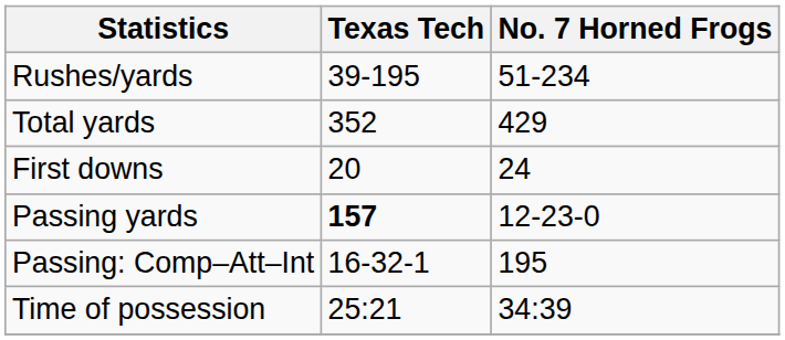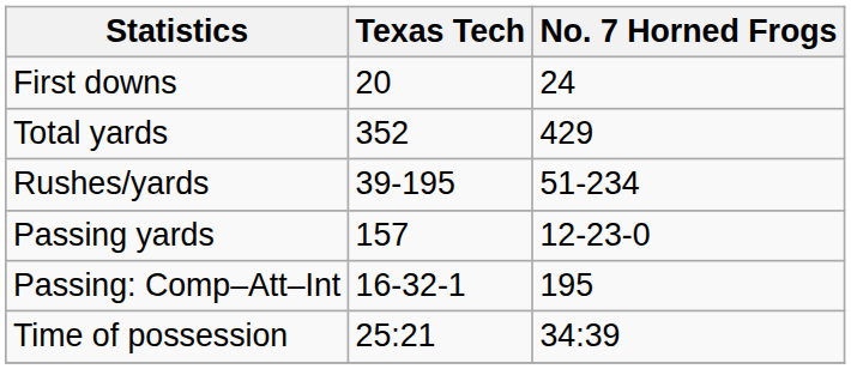 <table class="wikitable" style="float: left;">
 <tr>
 <th>Statistics</th>
 <th>Texas Tech</th>
 <th>No. 7 Horned Frogs</th>
 </tr>
 <tr>
-<td>Rushes/yards</td>
-<td>39-195</td>
-<td>51-234</td>
+<td>First downs</td>
+<td>20</td>
+<td>24</td>
 </tr>
 <tr>
 <td>Total yards</td>
 <td>352</td>
 <td>429</td>
 </tr>
 <tr>
-<td>First downs</td>
-<td>20</td>
-<td>24</td>
+<td>Rushes/yards</td>
+<td>39-195</td>
+<td>51-234</td>
 </tr>
 <tr>
 <td>Passing yards</td>
-<td><strong>157</strong></td>
+<td>157</td>
 <td>12-23-0</td>
 </tr>
 <tr>
 <td>Passing: Comp–Att–Int</td>
 <td>16-32-1</td>
 <td>195</td>
 </tr>
 <tr>
 <td>Time of possession</td>
 <td>25:21</td>
 <td>34:39</td>
 </tr>
 <tr>
 </tr>
 </table>
